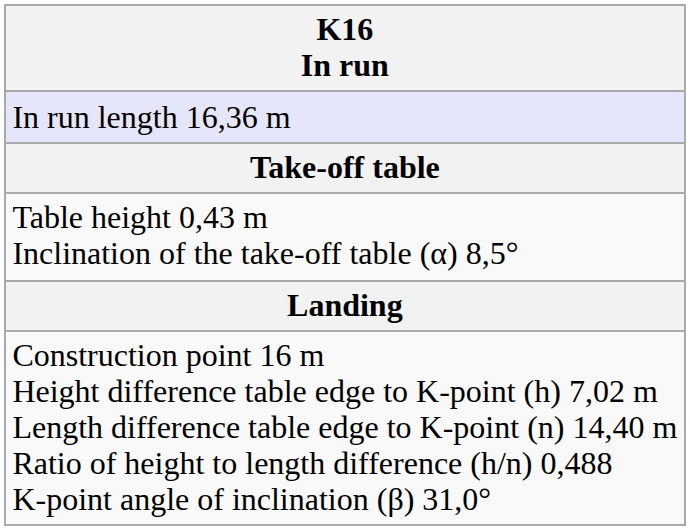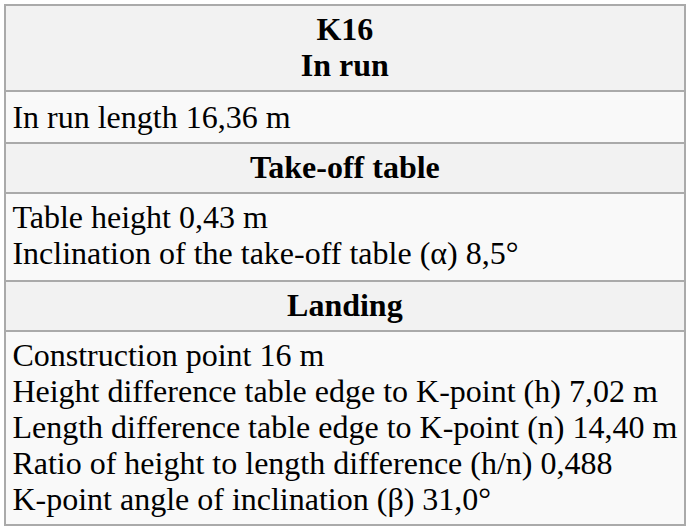 <table class="wikitable">
 <tr>
 <th>K16<br>In run</th>
 </tr>
 <tr>
-<td style="background: lavender;">In run length                                                 16,36 m</td>
+<td>In run length                                                 16,36 m</td>
 </tr>
 <tr>
 <th><strong>Take-off table</strong></th>
 </tr>
 <tr>
 <td>Table height                                                   0,43 m<br>Inclination of the take-off table (α)               8,5°</td>
 </tr>
 <tr>
 <th><strong>Landing</strong></th>
 </tr>
 <tr>
 <td>Construction point                                           16 m<br>Height difference table edge to K-point (h)      7,02 m<br>Length difference table edge to K-point (n)   14,40 m<br>Ratio of height to length difference (h/n)        0,488<br>K-point angle of inclination (β)                         31,0°</td>
 </tr>
 </table>
